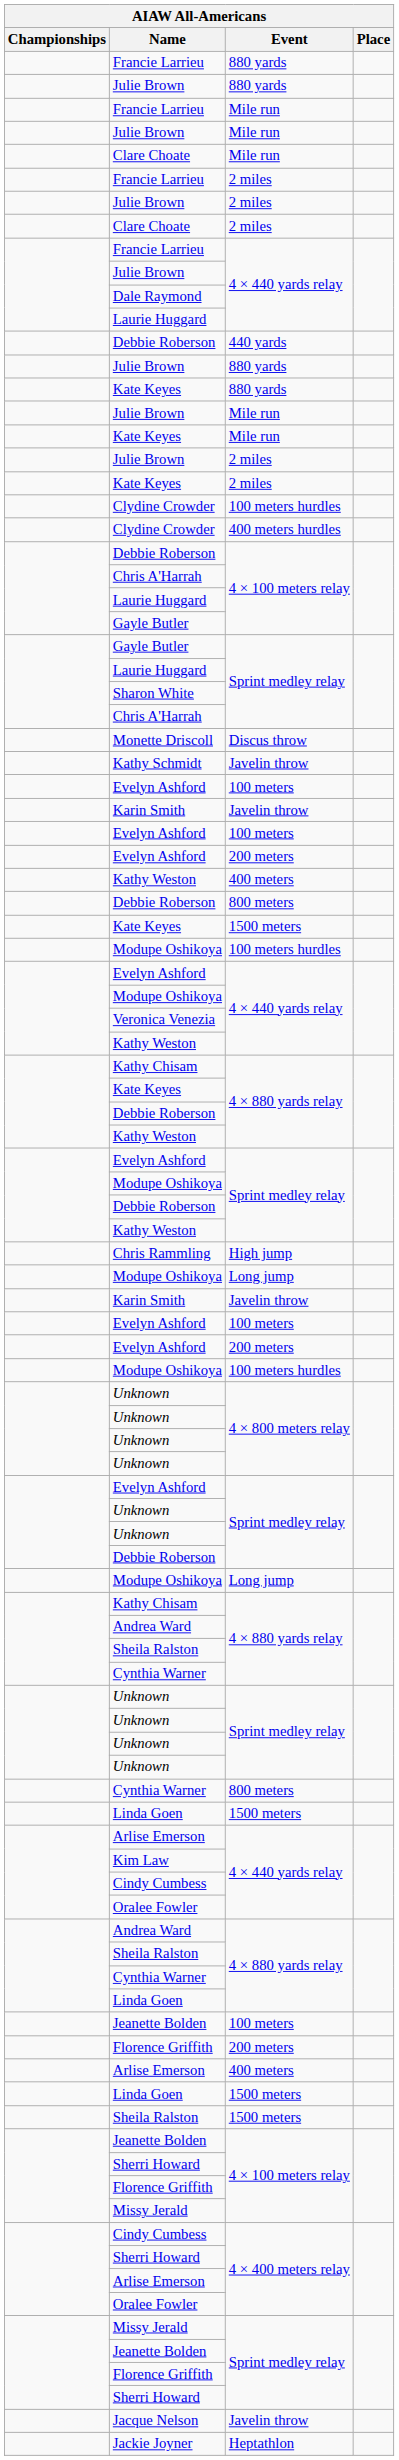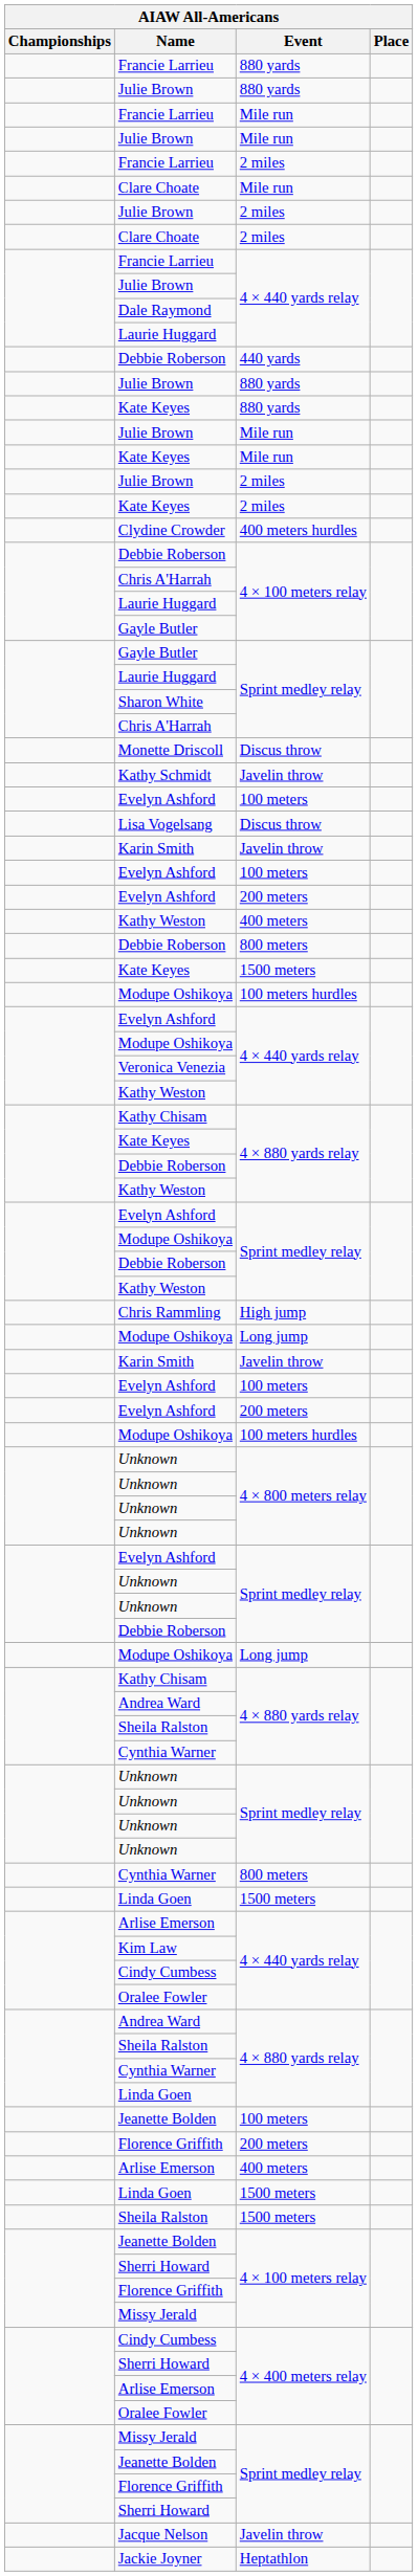 <table class="wikitable sortable">
 <tr>
 <th colspan="4">AIAW All-Americans</th>
 </tr>
 <tr>
 <th scope="col">Championships</th>
 <th scope="col">Name</th>
 <th scope="col">Event</th>
 <th scope="col">Place</th>
 </tr>
 <tr>
 <td></td>
 <td><a href='#'>Francie Larrieu</a></td>
 <td><a href='#'>880 yards</a></td>
 <td></td>
 </tr>
 <tr>
 <td></td>
 <td><a href='#'>Julie Brown</a></td>
 <td><a href='#'>880 yards</a></td>
 <td></td>
 </tr>
 <tr>
 <td></td>
 <td><a href='#'>Francie Larrieu</a></td>
 <td><a href='#'>Mile run</a></td>
 <td></td>
 </tr>
 <tr>
 <td></td>
 <td><a href='#'>Julie Brown</a></td>
 <td><a href='#'>Mile run</a></td>
 <td></td>
 </tr>
 <tr>
 <td></td>
-<td><a href='#'>Clare Choate</a></td>
-<td><a href='#'>Mile run</a></td>
+<td><a href='#'>Francie Larrieu</a></td>
+<td><a href='#'>2 miles</a></td>
 <td></td>
 </tr>
 <tr>
 <td></td>
-<td><a href='#'>Francie Larrieu</a></td>
-<td><a href='#'>2 miles</a></td>
+<td><a href='#'>Clare Choate</a></td>
+<td><a href='#'>Mile run</a></td>
 <td></td>
 </tr>
 <tr>
 <td></td>
 <td><a href='#'>Julie Brown</a></td>
 <td><a href='#'>2 miles</a></td>
 <td></td>
 </tr>
 <tr>
 <td></td>
 <td><a href='#'>Clare Choate</a></td>
 <td><a href='#'>2 miles</a></td>
 <td></td>
 </tr>
 <tr>
 <td rowspan=4></td>
 <td><a href='#'>Francie Larrieu</a></td>
 <td rowspan=4><a href='#'>4 × 440 yards relay</a></td>
 <td rowspan=4></td>
 </tr>
 <tr>
 <td><a href='#'>Julie Brown</a></td>
 </tr>
 <tr>
 <td><a href='#'>Dale Raymond</a></td>
 </tr>
 <tr>
 <td><a href='#'>Laurie Huggard</a></td>
 </tr>
 <tr>
 <td></td>
 <td><a href='#'>Debbie Roberson</a></td>
 <td><a href='#'>440 yards</a></td>
 <td></td>
 </tr>
 <tr>
 <td></td>
 <td><a href='#'>Julie Brown</a></td>
 <td><a href='#'>880 yards</a></td>
 <td></td>
 </tr>
 <tr>
 <td></td>
 <td><a href='#'>Kate Keyes</a></td>
 <td><a href='#'>880 yards</a></td>
 <td></td>
 </tr>
 <tr>
 <td></td>
 <td><a href='#'>Julie Brown</a></td>
 <td><a href='#'>Mile run</a></td>
 <td></td>
 </tr>
 <tr>
 <td></td>
 <td><a href='#'>Kate Keyes</a></td>
 <td><a href='#'>Mile run</a></td>
 <td></td>
 </tr>
 <tr>
 <td></td>
 <td><a href='#'>Julie Brown</a></td>
 <td><a href='#'>2 miles</a></td>
 <td></td>
 </tr>
 <tr>
 <td></td>
 <td><a href='#'>Kate Keyes</a></td>
 <td><a href='#'>2 miles</a></td>
 <td></td>
 </tr>
 <tr>
 <td></td>
 <td><a href='#'>Clydine Crowder</a></td>
-<td><a href='#'>100 meters hurdles</a></td>
-<td></td>
-</tr>
-<tr>
-<td></td>
-<td><a href='#'>Clydine Crowder</a></td>
 <td><a href='#'>400 meters hurdles</a></td>
 <td></td>
 </tr>
 <tr>
 <td rowspan=4></td>
 <td><a href='#'>Debbie Roberson</a></td>
 <td rowspan=4><a href='#'>4 × 100 meters relay</a></td>
 <td rowspan=4></td>
 </tr>
 <tr>
 <td><a href='#'>Chris A'Harrah</a></td>
 </tr>
 <tr>
 <td><a href='#'>Laurie Huggard</a></td>
 </tr>
 <tr>
 <td><a href='#'>Gayle Butler</a></td>
 </tr>
 <tr>
 <td rowspan=4></td>
 <td><a href='#'>Gayle Butler</a></td>
 <td rowspan=4><a href='#'>Sprint medley relay</a></td>
 <td rowspan=4></td>
 </tr>
 <tr>
 <td><a href='#'>Laurie Huggard</a></td>
 </tr>
 <tr>
 <td><a href='#'>Sharon White</a></td>
 </tr>
 <tr>
 <td><a href='#'>Chris A'Harrah</a></td>
 </tr>
 <tr>
 <td></td>
 <td><a href='#'>Monette Driscoll</a></td>
 <td><a href='#'>Discus throw</a></td>
 <td></td>
 </tr>
 <tr>
 <td></td>
 <td><a href='#'>Kathy Schmidt</a></td>
 <td><a href='#'>Javelin throw</a></td>
 <td></td>
 </tr>
 <tr>
 <td></td>
 <td><a href='#'>Evelyn Ashford</a></td>
 <td><a href='#'>100 meters</a></td>
+<td></td>
+</tr>
+<tr>
+<td></td>
+<td><a href='#'>Lisa Vogelsang</a></td>
+<td><a href='#'>Discus throw</a></td>
 <td></td>
 </tr>
 <tr>
 <td></td>
 <td><a href='#'>Karin Smith</a></td>
 <td><a href='#'>Javelin throw</a></td>
 <td></td>
 </tr>
 <tr>
 <td></td>
 <td><a href='#'>Evelyn Ashford</a></td>
 <td><a href='#'>100 meters</a></td>
 <td></td>
 </tr>
 <tr>
 <td></td>
 <td><a href='#'>Evelyn Ashford</a></td>
 <td><a href='#'>200 meters</a></td>
 <td></td>
 </tr>
 <tr>
 <td></td>
 <td><a href='#'>Kathy Weston</a></td>
 <td><a href='#'>400 meters</a></td>
 <td></td>
 </tr>
 <tr>
 <td></td>
 <td><a href='#'>Debbie Roberson</a></td>
 <td><a href='#'>800 meters</a></td>
 <td></td>
 </tr>
 <tr>
 <td></td>
 <td><a href='#'>Kate Keyes</a></td>
 <td><a href='#'>1500 meters</a></td>
 <td></td>
 </tr>
 <tr>
 <td></td>
 <td><a href='#'>Modupe Oshikoya</a></td>
 <td><a href='#'>100 meters hurdles</a></td>
 <td></td>
 </tr>
 <tr>
 <td rowspan=4></td>
 <td><a href='#'>Evelyn Ashford</a></td>
 <td rowspan=4><a href='#'>4 × 440 yards relay</a></td>
 <td rowspan=4></td>
 </tr>
 <tr>
 <td><a href='#'>Modupe Oshikoya</a></td>
 </tr>
 <tr>
 <td><a href='#'>Veronica Venezia</a></td>
 </tr>
 <tr>
 <td><a href='#'>Kathy Weston</a></td>
 </tr>
 <tr>
 <td rowspan=4></td>
 <td><a href='#'>Kathy Chisam</a></td>
 <td rowspan=4><a href='#'>4 × 880 yards relay</a></td>
 <td rowspan=4></td>
 </tr>
 <tr>
 <td><a href='#'>Kate Keyes</a></td>
 </tr>
 <tr>
 <td><a href='#'>Debbie Roberson</a></td>
 </tr>
 <tr>
 <td><a href='#'>Kathy Weston</a></td>
 </tr>
 <tr>
 <td rowspan=4></td>
 <td><a href='#'>Evelyn Ashford</a></td>
 <td rowspan=4><a href='#'>Sprint medley relay</a></td>
 <td rowspan=4></td>
 </tr>
 <tr>
 <td><a href='#'>Modupe Oshikoya</a></td>
 </tr>
 <tr>
 <td><a href='#'>Debbie Roberson</a></td>
 </tr>
 <tr>
 <td><a href='#'>Kathy Weston</a></td>
 </tr>
 <tr>
 <td></td>
 <td><a href='#'>Chris Rammling</a></td>
 <td><a href='#'>High jump</a></td>
 <td></td>
 </tr>
 <tr>
 <td></td>
 <td><a href='#'>Modupe Oshikoya</a></td>
 <td><a href='#'>Long jump</a></td>
 <td></td>
 </tr>
 <tr>
 <td></td>
 <td><a href='#'>Karin Smith</a></td>
 <td><a href='#'>Javelin throw</a></td>
 <td></td>
 </tr>
 <tr>
 <td></td>
 <td><a href='#'>Evelyn Ashford</a></td>
 <td><a href='#'>100 meters</a></td>
 <td></td>
 </tr>
 <tr>
 <td></td>
 <td><a href='#'>Evelyn Ashford</a></td>
 <td><a href='#'>200 meters</a></td>
 <td></td>
 </tr>
 <tr>
 <td></td>
 <td><a href='#'>Modupe Oshikoya</a></td>
 <td><a href='#'>100 meters hurdles</a></td>
 <td></td>
 </tr>
 <tr>
 <td rowspan=4></td>
 <td><em>Unknown</em></td>
 <td rowspan=4><a href='#'>4 × 800 meters relay</a></td>
 <td rowspan=4></td>
 </tr>
 <tr>
 <td><em>Unknown</em></td>
 </tr>
 <tr>
 <td><em>Unknown</em></td>
 </tr>
 <tr>
 <td><em>Unknown</em></td>
 </tr>
 <tr>
 <td rowspan=4></td>
 <td><a href='#'>Evelyn Ashford</a></td>
 <td rowspan=4><a href='#'>Sprint medley relay</a></td>
 <td rowspan=4></td>
 </tr>
 <tr>
 <td><em>Unknown</em></td>
 </tr>
 <tr>
 <td><em>Unknown</em></td>
 </tr>
 <tr>
 <td><a href='#'>Debbie Roberson</a></td>
 </tr>
 <tr>
 <td></td>
 <td><a href='#'>Modupe Oshikoya</a></td>
 <td><a href='#'>Long jump</a></td>
 <td></td>
 </tr>
 <tr>
 <td rowspan=4></td>
 <td><a href='#'>Kathy Chisam</a></td>
 <td rowspan=4><a href='#'>4 × 880 yards relay</a></td>
 <td rowspan=4></td>
 </tr>
 <tr>
 <td><a href='#'>Andrea Ward</a></td>
 </tr>
 <tr>
 <td><a href='#'>Sheila Ralston</a></td>
 </tr>
 <tr>
 <td><a href='#'>Cynthia Warner</a></td>
 </tr>
 <tr>
 <td rowspan=4></td>
 <td><em>Unknown</em></td>
 <td rowspan=4><a href='#'>Sprint medley relay</a></td>
 <td rowspan=4></td>
 </tr>
 <tr>
 <td><em>Unknown</em></td>
 </tr>
 <tr>
 <td><em>Unknown</em></td>
 </tr>
 <tr>
 <td><em>Unknown</em></td>
 </tr>
 <tr>
 <td></td>
 <td><a href='#'>Cynthia Warner</a></td>
 <td><a href='#'>800 meters</a></td>
 <td></td>
 </tr>
 <tr>
 <td></td>
 <td><a href='#'>Linda Goen</a></td>
 <td><a href='#'>1500 meters</a></td>
 <td></td>
 </tr>
 <tr>
 <td rowspan=4></td>
 <td><a href='#'>Arlise Emerson</a></td>
 <td rowspan=4><a href='#'>4 × 440 yards relay</a></td>
 <td rowspan=4></td>
 </tr>
 <tr>
 <td><a href='#'>Kim Law</a></td>
 </tr>
 <tr>
 <td><a href='#'>Cindy Cumbess</a></td>
 </tr>
 <tr>
 <td><a href='#'>Oralee Fowler</a></td>
 </tr>
 <tr>
 <td rowspan=4></td>
 <td><a href='#'>Andrea Ward</a></td>
 <td rowspan=4><a href='#'>4 × 880 yards relay</a></td>
 <td rowspan=4></td>
 </tr>
 <tr>
 <td><a href='#'>Sheila Ralston</a></td>
 </tr>
 <tr>
 <td><a href='#'>Cynthia Warner</a></td>
 </tr>
 <tr>
 <td><a href='#'>Linda Goen</a></td>
 </tr>
 <tr>
 <td></td>
 <td><a href='#'>Jeanette Bolden</a></td>
 <td><a href='#'>100 meters</a></td>
 <td></td>
 </tr>
 <tr>
 <td></td>
 <td><a href='#'>Florence Griffith</a></td>
 <td><a href='#'>200 meters</a></td>
 <td></td>
 </tr>
 <tr>
 <td></td>
 <td><a href='#'>Arlise Emerson</a></td>
 <td><a href='#'>400 meters</a></td>
 <td></td>
 </tr>
 <tr>
 <td></td>
 <td><a href='#'>Linda Goen</a></td>
 <td><a href='#'>1500 meters</a></td>
 <td></td>
 </tr>
 <tr>
 <td></td>
 <td><a href='#'>Sheila Ralston</a></td>
 <td><a href='#'>1500 meters</a></td>
 <td></td>
 </tr>
 <tr>
 <td rowspan=4></td>
 <td><a href='#'>Jeanette Bolden</a></td>
 <td rowspan=4><a href='#'>4 × 100 meters relay</a></td>
 <td rowspan=4></td>
 </tr>
 <tr>
 <td><a href='#'>Sherri Howard</a></td>
 </tr>
 <tr>
 <td><a href='#'>Florence Griffith</a></td>
 </tr>
 <tr>
 <td><a href='#'>Missy Jerald</a></td>
 </tr>
 <tr>
 <td rowspan=4></td>
 <td><a href='#'>Cindy Cumbess</a></td>
 <td rowspan=4><a href='#'>4 × 400 meters relay</a></td>
 <td rowspan=4></td>
 </tr>
 <tr>
 <td><a href='#'>Sherri Howard</a></td>
 </tr>
 <tr>
 <td><a href='#'>Arlise Emerson</a></td>
 </tr>
 <tr>
 <td><a href='#'>Oralee Fowler</a></td>
 </tr>
 <tr>
 <td rowspan=4></td>
 <td><a href='#'>Missy Jerald</a></td>
 <td rowspan=4><a href='#'>Sprint medley relay</a></td>
 <td rowspan=4></td>
 </tr>
 <tr>
 <td><a href='#'>Jeanette Bolden</a></td>
 </tr>
 <tr>
 <td><a href='#'>Florence Griffith</a></td>
 </tr>
 <tr>
 <td><a href='#'>Sherri Howard</a></td>
 </tr>
 <tr>
 <td></td>
 <td><a href='#'>Jacque Nelson</a></td>
 <td><a href='#'>Javelin throw</a></td>
 <td></td>
 </tr>
 <tr>
 <td></td>
 <td><a href='#'>Jackie Joyner</a></td>
 <td><a href='#'>Heptathlon</a></td>
 <td></td>
 </tr>
 </table>
